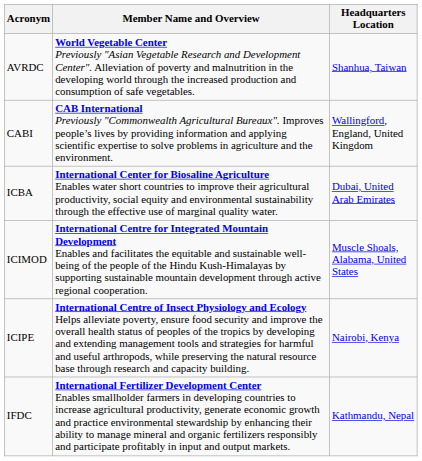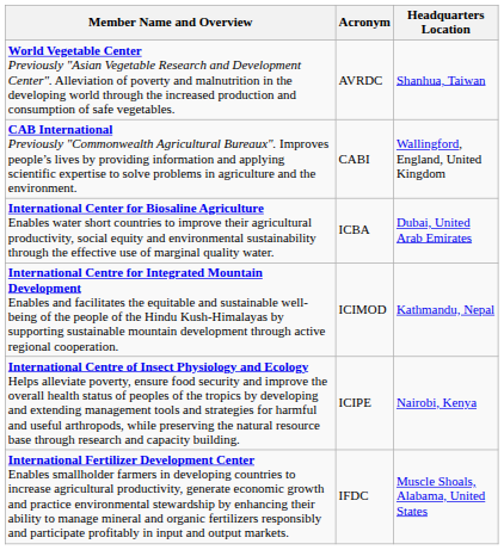 <table class="wikitable sortable">
 <tr>
+<th>Member Name and Overview</th>
 <th>Acronym</th>
-<th>Member Name and Overview</th>
 <th>Headquarters Location</th>
 </tr>
 <tr>
+<td><strong><a href='#'>World Vegetable Center</a></strong><br><em>Previously "Asian Vegetable Research and Development Center".</em> Alleviation of poverty and malnutrition in the developing world through the increased production and consumption of safe vegetables.</td>
 <td>AVRDC</td>
-<td><strong><a href='#'>World Vegetable Center</a></strong><br><em>Previously "Asian Vegetable Research and Development Center".</em> Alleviation of poverty and malnutrition in the developing world through the increased production and consumption of safe vegetables.</td>
 <td><a href='#'>Shanhua, Taiwan</a></td>
 </tr>
 <tr>
+<td><strong><a href='#'>CAB International</a></strong><br><em>Previously "Commonwealth Agricultural Bureaux".</em> Improves people’s lives by providing information and applying scientific expertise to solve problems in agriculture and the environment.</td>
 <td>CABI</td>
-<td><strong><a href='#'>CAB International</a></strong><br><em>Previously "Commonwealth Agricultural Bureaux".</em> Improves people’s lives by providing information and applying scientific expertise to solve problems in agriculture and the environment.</td>
 <td><a href='#'>Wallingford</a>, England, United Kingdom</td>
 </tr>
 <tr>
+<td><strong><a href='#'>International Center for Biosaline Agriculture</a></strong><br>Enables water short countries to improve their agricultural productivity, social equity and environmental sustainability through the effective use of marginal quality water.</td>
 <td>ICBA</td>
-<td><strong><a href='#'>International Center for Biosaline Agriculture</a></strong><br>Enables water short countries to improve their agricultural productivity, social equity and environmental sustainability through the effective use of marginal quality water.</td>
 <td><a href='#'>Dubai, United Arab Emirates</a></td>
 </tr>
 <tr>
+<td><strong><a href='#'>International Centre for Integrated Mountain Development</a></strong><br>Enables and facilitates the equitable and sustainable well-being of the people of the Hindu Kush-Himalayas by supporting sustainable mountain development through active regional cooperation.</td>
 <td>ICIMOD</td>
-<td><strong><a href='#'>International Centre for Integrated Mountain Development</a></strong><br>Enables and facilitates the equitable and sustainable well-being of the people of the Hindu Kush-Himalayas by supporting sustainable mountain development through active regional cooperation.</td>
-<td><a href='#'>Muscle Shoals, Alabama, United States</a></td>
+<td><a href='#'>Kathmandu, Nepal</a></td>
 </tr>
 <tr>
+<td><strong><a href='#'>International Centre of Insect Physiology and Ecology</a></strong><br>Helps alleviate poverty, ensure food security and improve the overall health status of peoples of the tropics by developing and extending management tools and strategies for harmful and useful arthropods, while preserving the natural resource base through research and capacity building.</td>
 <td>ICIPE</td>
-<td><strong><a href='#'>International Centre of Insect Physiology and Ecology</a></strong><br>Helps alleviate poverty, ensure food security and improve the overall health status of peoples of the tropics by developing and extending management tools and strategies for harmful and useful arthropods, while preserving the natural resource base through research and capacity building.</td>
 <td><a href='#'>Nairobi, Kenya</a></td>
 </tr>
 <tr>
+<td><strong><a href='#'>International Fertilizer Development Center</a></strong><br>Enables smallholder farmers in developing countries to increase agricultural productivity, generate economic growth and practice environmental stewardship by enhancing their ability to manage mineral and organic fertilizers responsibly and participate profitably in input and output markets.</td>
 <td>IFDC</td>
-<td><strong><a href='#'>International Fertilizer Development Center</a></strong><br>Enables smallholder farmers in developing countries to increase agricultural productivity, generate economic growth and practice environmental stewardship by enhancing their ability to manage mineral and organic fertilizers responsibly and participate profitably in input and output markets.</td>
-<td><a href='#'>Kathmandu, Nepal</a></td>
+<td><a href='#'>Muscle Shoals, Alabama, United States</a></td>
 </tr>
 </table>
